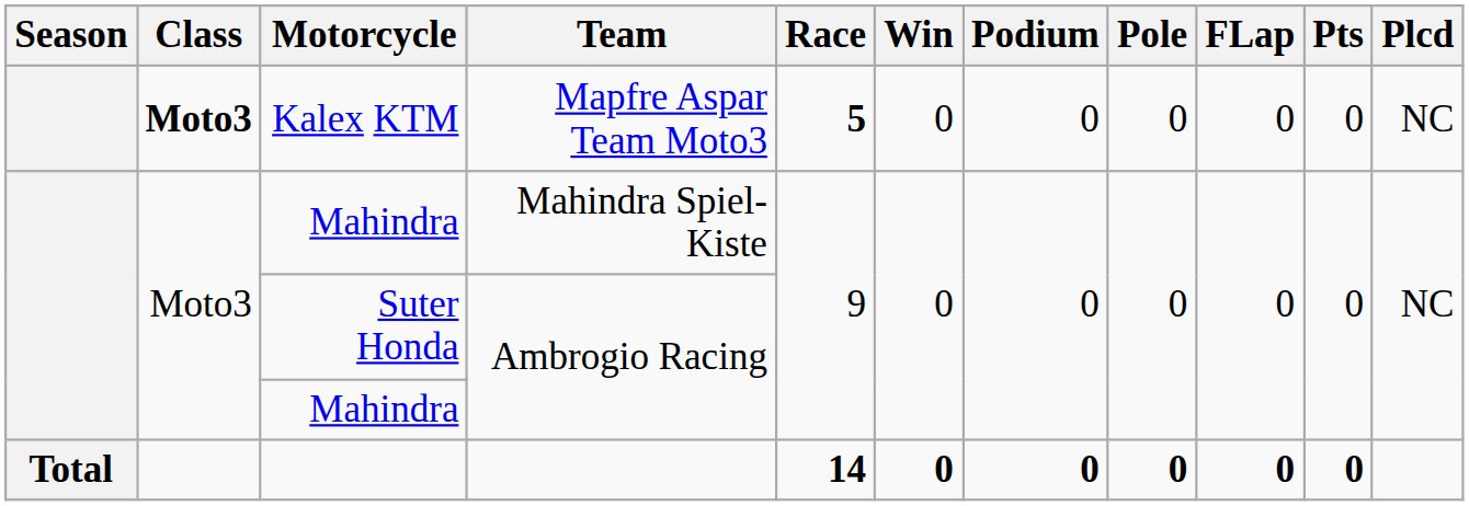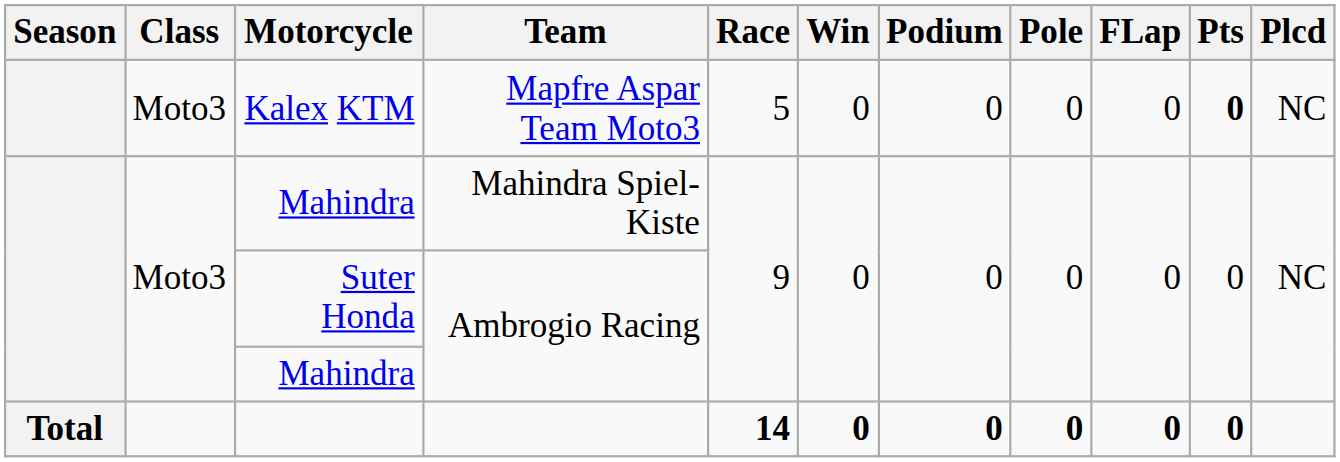 <table class="wikitable" style=text-align:right>
 <tr>
 <th>Season</th>
 <th>Class</th>
 <th>Motorcycle</th>
 <th>Team</th>
 <th>Race</th>
 <th>Win</th>
 <th>Podium</th>
 <th>Pole</th>
 <th>FLap</th>
 <th>Pts</th>
 <th>Plcd</th>
 </tr>
 <tr>
 <th></th>
-<td><strong>Moto3</strong></td>
+<td>Moto3</td>
 <td><a href='#'>Kalex</a> <a href='#'>KTM</a></td>
 <td><a href='#'>Mapfre Aspar Team Moto3</a></td>
-<td><strong>5</strong></td>
+<td>5</td>
 <td>0</td>
 <td>0</td>
 <td>0</td>
 <td>0</td>
-<td>0</td>
+<td><strong>0</strong></td>
 <td>NC</td>
 </tr>
 <tr>
 <th rowspan=3></th>
 <td rowspan=3>Moto3</td>
 <td><a href='#'>Mahindra</a></td>
 <td>Mahindra Spiel-Kiste</td>
 <td rowspan=3>9</td>
 <td rowspan=3>0</td>
 <td rowspan=3>0</td>
 <td rowspan=3>0</td>
 <td rowspan=3>0</td>
 <td rowspan=3>0</td>
 <td rowspan=3>NC</td>
 </tr>
 <tr>
 <td><a href='#'>Suter</a> <a href='#'>Honda</a></td>
 <td rowspan=2>Ambrogio Racing</td>
 </tr>
 <tr>
 <td><a href='#'>Mahindra</a></td>
 </tr>
 <tr>
 <th>Total</th>
 <td></td>
 <td></td>
 <td></td>
 <td><strong>14</strong></td>
 <td><strong>0</strong></td>
 <td><strong>0</strong></td>
 <td><strong>0</strong></td>
 <td><strong>0</strong></td>
 <td><strong>0</strong></td>
 <td></td>
 </tr>
 </table>
